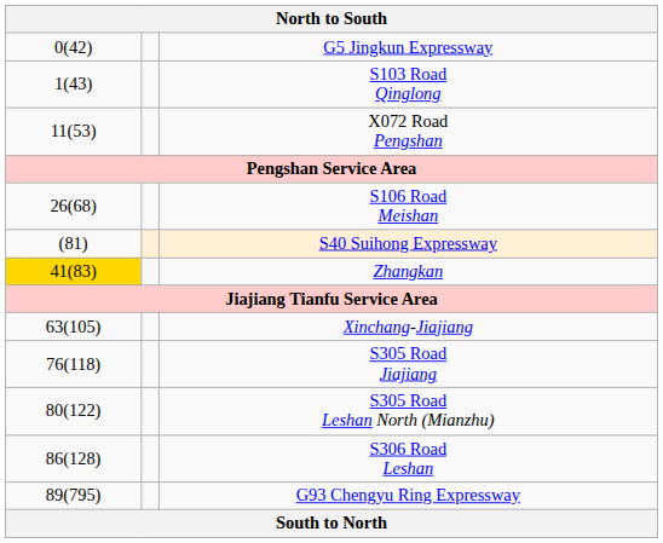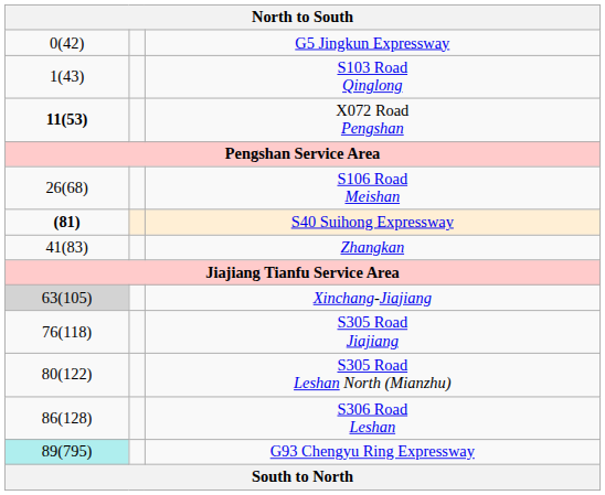 <table class="wikitable" style="text-align:center; width:600px;">
 <tr>
 <th colspan="3"> North to South </th>
 </tr>
 <tr>
 <td>0(42)</td>
 <td><br></td>
 <td> <a href='#'>G5 Jingkun Expressway</a></td>
 </tr>
 <tr>
 <td>1(43)</td>
 <td></td>
 <td> <a href='#'>S103 Road</a><br><em><a href='#'>Qinglong</a></em></td>
 </tr>
 <tr>
-<td>11(53)</td>
+<td><strong>11(53)</strong></td>
 <td></td>
 <td> X072 Road<br><em><a href='#'>Pengshan</a></em></td>
 </tr>
 <tr style="background:#ffcbcb;">
 <td colspan="7"> <strong>Pengshan Service Area</strong></td>
 </tr>
 <tr>
 <td>26(68)</td>
 <td></td>
 <td> <a href='#'>S106 Road</a><br><em><a href='#'>Meishan</a></em></td>
 </tr>
 <tr>
-<td>(81)</td>
+<td><strong>(81)</strong></td>
 <td style="background:#ffefd5;"><br></td>
 <td style="background:#ffefd5;"> <a href='#'>S40 Suihong Expressway</a></td>
 </tr>
 <tr>
-<td style="background: gold;">41(83)</td>
+<td>41(83)</td>
 <td></td>
 <td><em><a href='#'>Zhangkan</a></em></td>
 </tr>
 <tr style="background:#ffcbcb;">
 <td colspan="7"> <strong>Jiajiang Tianfu Service Area</strong></td>
 </tr>
 <tr>
-<td>63(105)</td>
+<td style="background: lightgrey;">63(105)</td>
 <td></td>
 <td><em><a href='#'>Xinchang</a>-<a href='#'>Jiajiang</a></em></td>
 </tr>
 <tr>
 <td>76(118)</td>
 <td></td>
 <td> <a href='#'>S305 Road</a><br><em><a href='#'>Jiajiang</a></em></td>
 </tr>
 <tr>
 <td>80(122)</td>
 <td></td>
 <td> <a href='#'>S305 Road</a><br><em><a href='#'>Leshan</a> North (Mianzhu)</em></td>
 </tr>
 <tr>
 <td>86(128)</td>
 <td></td>
 <td> <a href='#'>S306 Road</a><br><em><a href='#'>Leshan</a></em></td>
 </tr>
 <tr>
-<td>89(795)</td>
+<td style="background: paleturquoise;">89(795)</td>
 <td><br></td>
 <td> <a href='#'>G93 Chengyu Ring Expressway</a></td>
 </tr>
 <tr>
 <th colspan="3"> South to North </th>
 </tr>
 </table>
